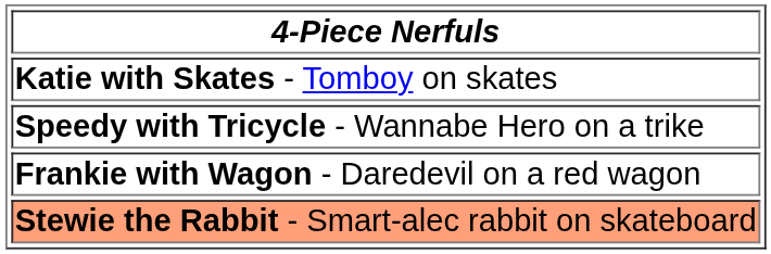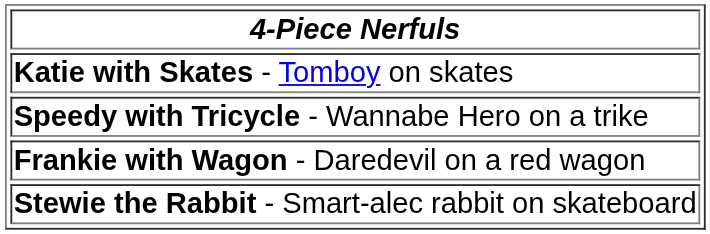 <table border = "1" style="float:right; text-align:left;">
 <tr>
 <td align="center"><strong><em>4-Piece Nerfuls</em></strong></td>
 </tr>
 <tr border ="0">
 <td><strong>Katie with Skates</strong> - <a href='#'>Tomboy</a> on skates</td>
 </tr>
 <tr border ="0">
 <td><strong>Speedy with Tricycle</strong> - Wannabe Hero on a trike</td>
 </tr>
 <tr border ="0">
 <td><strong>Frankie with Wagon</strong> - Daredevil on a red wagon</td>
 </tr>
 <tr border ="0">
-<td style="background: lightsalmon;"><strong>Stewie the Rabbit</strong> - Smart-alec rabbit on skateboard</td>
+<td><strong>Stewie the Rabbit</strong> - Smart-alec rabbit on skateboard</td>
 </tr>
 </table>
